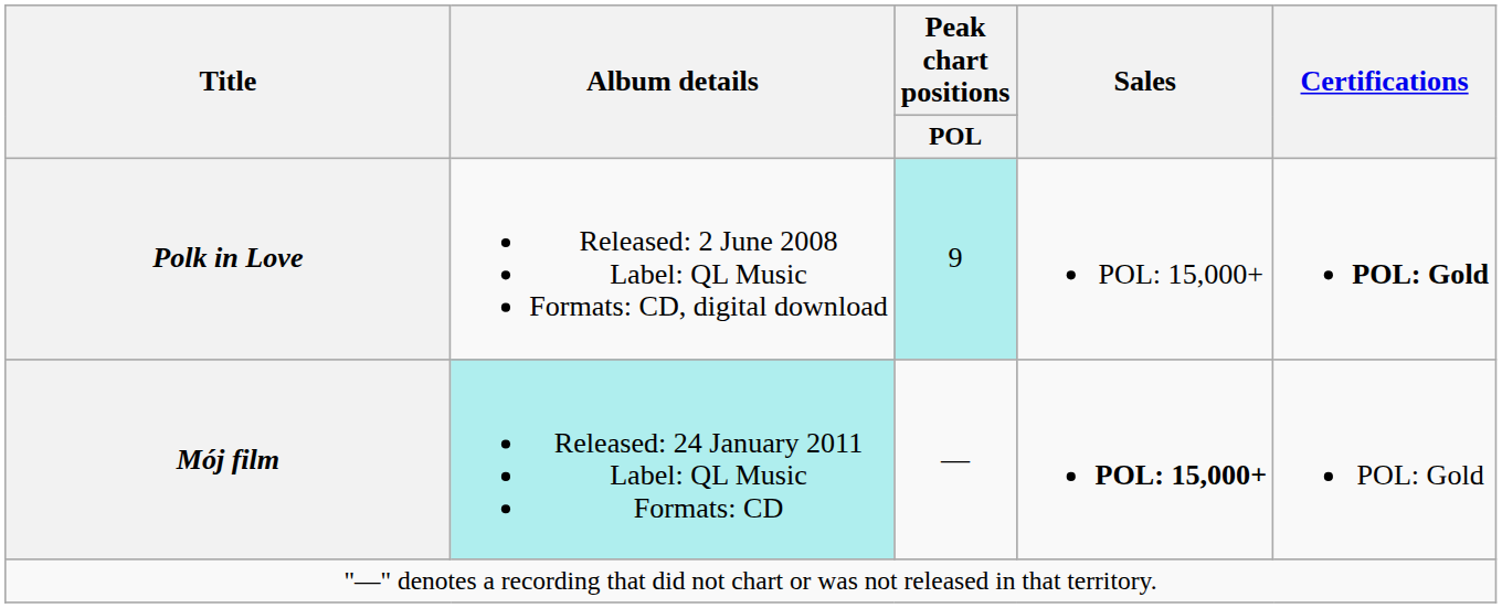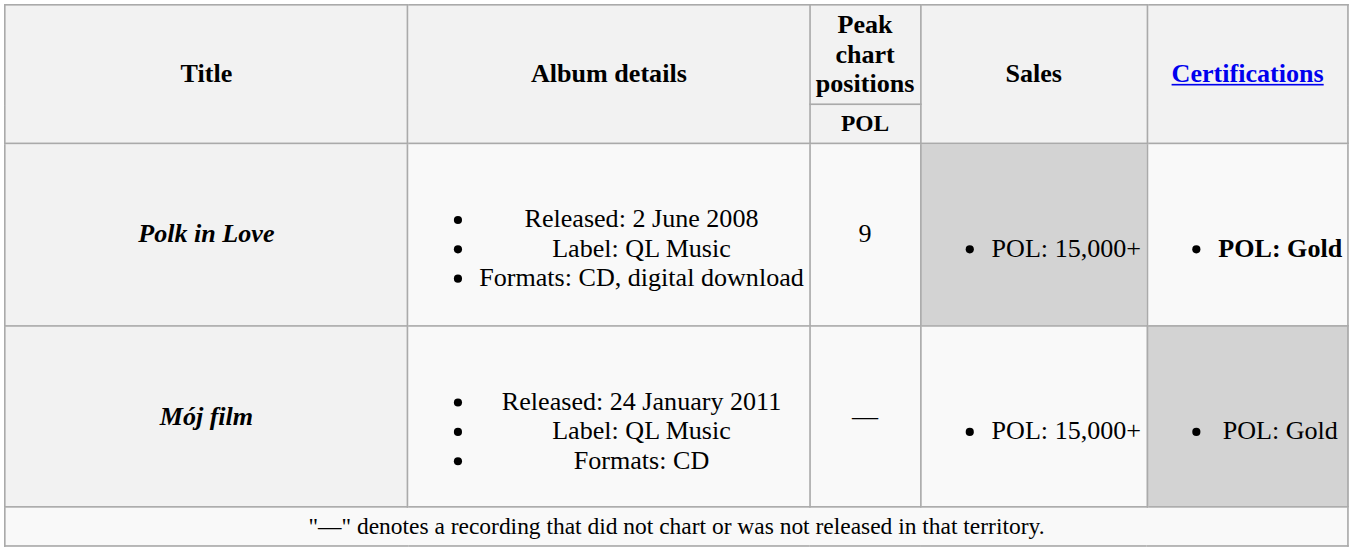 <table class="wikitable plainrowheaders" style="text-align:center;">
 <tr>
 <th scope="col" rowspan="2" style="width:15em;">Title</th>
 <th scope="col" rowspan="2">Album details</th>
 <th scope="col" colspan="1">Peak chart positions</th>
 <th scope="col" rowspan="2">Sales</th>
 <th scope="col" rowspan="2"><a href='#'>Certifications</a></th>
 </tr>
 <tr>
 <th scope="col" style="width:3em;font-size:90%;">POL<br></th>
 </tr>
 <tr>
 <th scope="row"><em>Polk in Love</em></th>
 <td><br><ul><li>Released: 2 June 2008</li><li>Label: QL Music</li><li>Formats: CD, digital download</li></ul></td>
-<td style="background: paleturquoise;">9</td>
-<td><br><ul><li>POL: 15,000+</li></ul></td>
+<td>9</td>
+<td style="background: lightgrey;"><br><ul><li>POL: 15,000+</li></ul></td>
 <td><strong><br><ul><li>POL: Gold</li></ul></strong></td>
 </tr>
 <tr>
 <th scope="row"><em>Mój film</em></th>
-<td style="background: paleturquoise;"><br><ul><li>Released: 24 January 2011</li><li>Label: QL Music</li><li>Formats: CD</li></ul></td>
+<td><br><ul><li>Released: 24 January 2011</li><li>Label: QL Music</li><li>Formats: CD</li></ul></td>
 <td>—</td>
-<td><strong><br><ul><li>POL: 15,000+</li></ul></strong></td>
-<td><br><ul><li>POL: Gold</li></ul></td>
+<td><br><ul><li>POL: 15,000+</li></ul></td>
+<td style="background: lightgrey;"><br><ul><li>POL: Gold</li></ul></td>
 </tr>
 <tr>
 <td colspan="20" style="font-size:90%">"—" denotes a recording that did not chart or was not released in that territory.</td>
 </tr>
 </table>
